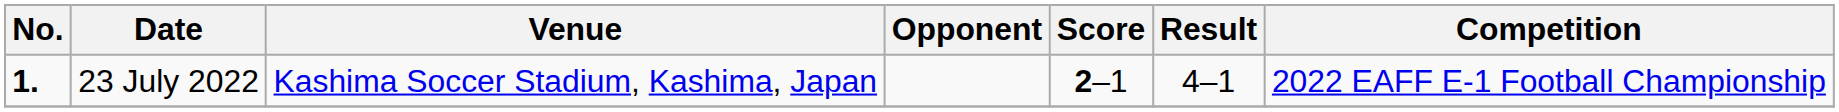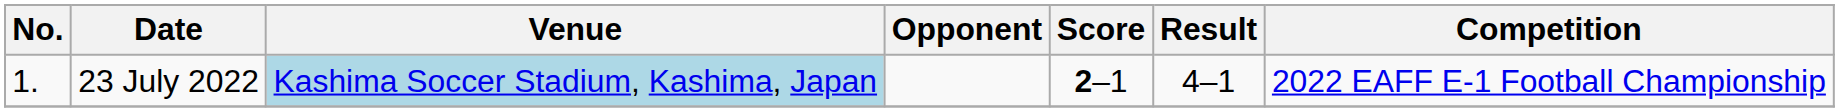 <table class="wikitable">
 <tr>
 <th>No.</th>
 <th>Date</th>
 <th>Venue</th>
 <th>Opponent</th>
 <th>Score</th>
 <th>Result</th>
 <th>Competition</th>
 </tr>
 <tr>
-<td><strong>1.</strong></td>
+<td>1.</td>
 <td>23 July 2022</td>
-<td><a href='#'>Kashima Soccer Stadium</a>, <a href='#'>Kashima</a>, <a href='#'>Japan</a></td>
+<td style="background: lightblue;"><a href='#'>Kashima Soccer Stadium</a>, <a href='#'>Kashima</a>, <a href='#'>Japan</a></td>
 <td></td>
 <td align=center><strong>2</strong>–1</td>
 <td align=center>4–1</td>
 <td><a href='#'>2022 EAFF E-1 Football Championship</a></td>
 </tr>
 <tr>
 </tr>
 </table>
